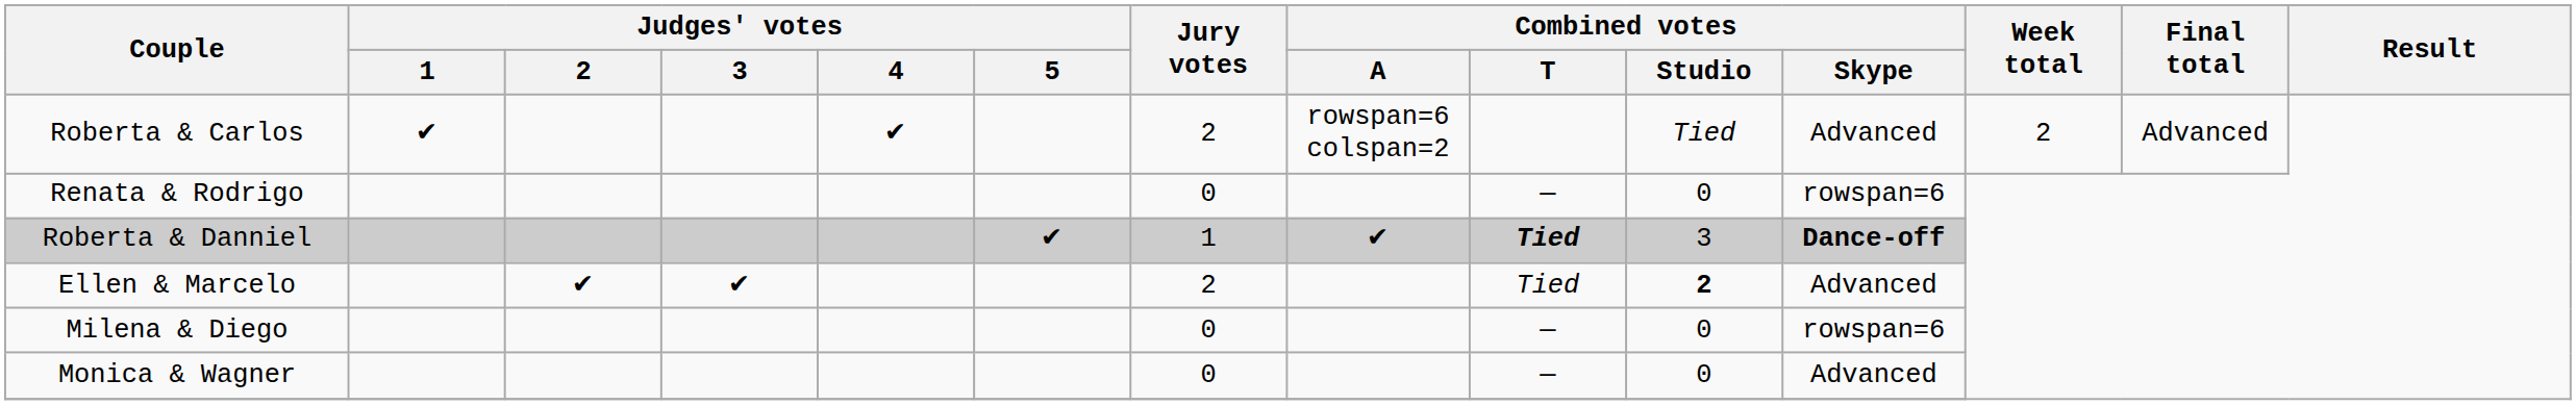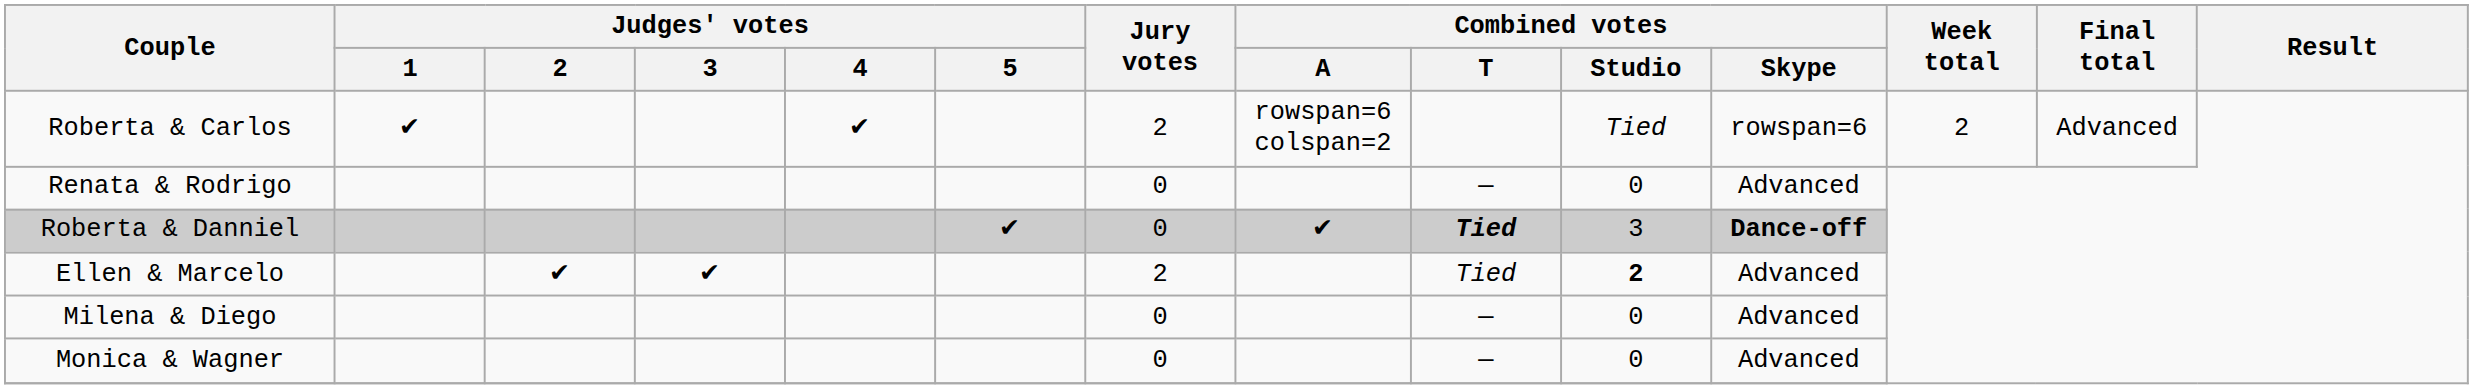 <table class="wikitable" style="font-size:100%; line-height:16px; text-align:center" width="100%">
 <tr>
 <th rowspan=2 width="11.00%">Couple</th>
 <th colspan=5 width="25.00%">Judges' votes</th>
 <th rowspan=2 width="05.00%">Jury<br>votes</th>
 <th colspan=4 width="20.00%">Combined votes</th>
 <th rowspan=2 width="05.00%">Week<br>total</th>
 <th rowspan=2 width="05.00%">Final<br>total</th>
 <th rowspan=2 width="09.00%">Result</th>
 </tr>
 <tr>
 <th width="05.00%">1</th>
 <th width="05.00%">2</th>
 <th width="05.00%">3</th>
 <th width="05.00%">4</th>
 <th width="05.00%">5</th>
 <th width="05.00%">A</th>
 <th width="05.00%">T</th>
 <th width="05.00%">Studio</th>
 <th width="05.00%">Skype</th>
 </tr>
 <tr>
 <td>Roberta & Carlos</td>
 <td>✔</td>
 <td></td>
 <td></td>
 <td>✔</td>
 <td></td>
 <td>2</td>
 <td>rowspan=6 colspan=2 </td>
 <td></td>
 <td><em>Tied</em></td>
-<td>Advanced</td>
+<td>rowspan=6 </td>
 <td>2</td>
 <td>Advanced</td>
 </tr>
 <tr>
 <td>Renata & Rodrigo</td>
 <td></td>
 <td></td>
 <td></td>
 <td></td>
 <td></td>
 <td>0</td>
 <td></td>
 <td>—</td>
 <td>0</td>
-<td>rowspan=6 </td>
+<td>Advanced</td>
 </tr>
 <tr bgcolor="CCCCCC">
 <td>Roberta & Danniel</td>
 <td></td>
 <td></td>
 <td></td>
 <td></td>
 <td>✔</td>
-<td>1</td>
+<td>0</td>
 <td>✔</td>
 <td><strong><em>Tied</em></strong></td>
 <td>3</td>
 <td><strong>Dance-off</strong></td>
 </tr>
 <tr>
 <td>Ellen & Marcelo</td>
 <td></td>
 <td>✔</td>
 <td>✔</td>
 <td></td>
 <td></td>
 <td>2</td>
 <td></td>
 <td><em>Tied</em></td>
 <td><strong>2</strong></td>
 <td>Advanced</td>
 </tr>
 <tr>
 <td>Milena & Diego</td>
 <td></td>
 <td></td>
 <td></td>
 <td></td>
 <td></td>
 <td>0</td>
 <td></td>
 <td>—</td>
 <td>0</td>
-<td>rowspan=6 </td>
+<td>Advanced</td>
 </tr>
 <tr>
 <td>Monica & Wagner</td>
 <td></td>
 <td></td>
 <td></td>
 <td></td>
 <td></td>
 <td>0</td>
 <td></td>
 <td>—</td>
 <td>0</td>
 <td>Advanced</td>
 </tr>
 <tr>
 </tr>
 </table>
